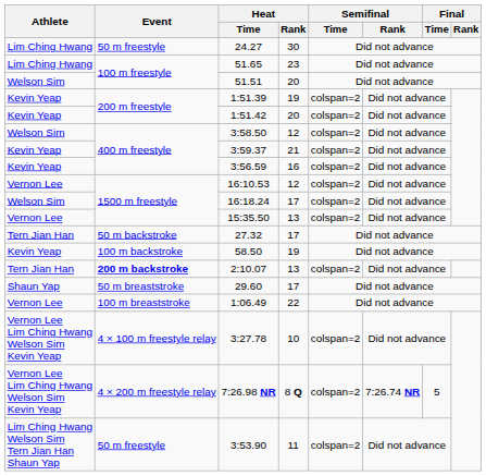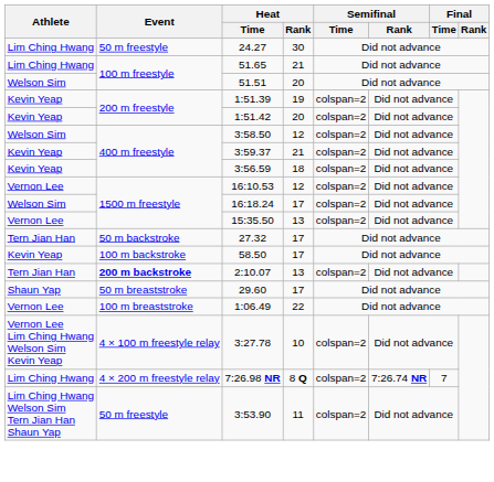 <table class=wikitable style=font-size:90%>
 <tr>
 <th rowspan=2>Athlete</th>
 <th rowspan=2>Event</th>
 <th colspan=2>Heat</th>
 <th colspan=2>Semifinal</th>
 <th colspan=2>Final</th>
 </tr>
 <tr style=font-size:95%>
 <th>Time</th>
 <th>Rank</th>
 <th>Time</th>
 <th>Rank</th>
 <th>Time</th>
 <th>Rank</th>
 </tr>
 <tr align=center>
 <td align=left><a href='#'>Lim Ching Hwang</a></td>
 <td align=left><a href='#'>50 m freestyle</a></td>
 <td>24.27</td>
 <td>30</td>
 <td colspan=4>Did not advance</td>
 </tr>
 <tr align=center>
 <td align=left><a href='#'>Lim Ching Hwang</a></td>
 <td align=left rowspan=2><a href='#'>100 m freestyle</a></td>
 <td>51.65</td>
-<td>23</td>
+<td>21</td>
 <td colspan=4>Did not advance</td>
 </tr>
 <tr align=center>
 <td align=left><a href='#'>Welson Sim</a></td>
 <td>51.51</td>
 <td>20</td>
 <td colspan=4>Did not advance</td>
 </tr>
 <tr align=center>
 <td align=left><a href='#'>Kevin Yeap</a></td>
 <td align=left rowspan=2><a href='#'>200 m freestyle</a></td>
 <td>1:51.39</td>
 <td>19</td>
 <td>colspan=2 </td>
 <td colspan=2>Did not advance</td>
 </tr>
 <tr align=center>
 <td align=left><a href='#'>Kevin Yeap</a></td>
 <td>1:51.42</td>
 <td>20</td>
 <td>colspan=2 </td>
 <td colspan=2>Did not advance</td>
 </tr>
 <tr align=center>
 <td align=left><a href='#'>Welson Sim</a></td>
 <td align=left rowspan=3><a href='#'>400 m freestyle</a></td>
 <td>3:58.50</td>
 <td>12</td>
 <td>colspan=2 </td>
 <td colspan=2>Did not advance</td>
 </tr>
 <tr align=center>
 <td align=left><a href='#'>Kevin Yeap</a></td>
 <td>3:59.37</td>
 <td>21</td>
 <td>colspan=2 </td>
 <td colspan=2>Did not advance</td>
 </tr>
 <tr align=center>
 <td align=left><a href='#'>Kevin Yeap</a></td>
 <td>3:56.59</td>
-<td>16</td>
+<td>18</td>
 <td>colspan=2 </td>
 <td colspan=2>Did not advance</td>
 </tr>
 <tr align=center>
 <td align=left><a href='#'>Vernon Lee</a></td>
 <td align=left rowspan=3><a href='#'>1500 m freestyle</a></td>
 <td>16:10.53</td>
 <td>12</td>
 <td>colspan=2 </td>
 <td colspan=2>Did not advance</td>
 </tr>
 <tr align=center>
 <td align=left><a href='#'>Welson Sim</a></td>
 <td>16:18.24</td>
 <td>17</td>
 <td>colspan=2 </td>
 <td colspan=2>Did not advance</td>
 </tr>
 <tr align=center>
 <td align=left><a href='#'>Vernon Lee</a></td>
 <td>15:35.50</td>
 <td>13</td>
 <td>colspan=2 </td>
 <td colspan=2>Did not advance</td>
 </tr>
 <tr align=center>
 <td align=left><a href='#'>Tern Jian Han</a></td>
 <td align=left><a href='#'>50 m backstroke</a></td>
 <td>27.32</td>
 <td>17</td>
 <td colspan=4>Did not advance</td>
 </tr>
 <tr align=center>
 <td align=left><a href='#'>Kevin Yeap</a></td>
 <td align=left><a href='#'>100 m backstroke</a></td>
 <td>58.50</td>
-<td>19</td>
+<td>17</td>
 <td colspan=4>Did not advance</td>
 </tr>
 <tr align=center>
 <td align=left><a href='#'>Tern Jian Han</a></td>
 <td align=left><strong><a href='#'>200 m backstroke</a></strong></td>
 <td>2:10.07</td>
 <td>13</td>
 <td>colspan=2 </td>
 <td colspan=2>Did not advance</td>
 </tr>
 <tr align=center>
 <td align=left><a href='#'>Shaun Yap</a></td>
 <td align=left><a href='#'>50 m breaststroke</a></td>
 <td>29.60</td>
 <td>17</td>
 <td colspan=4>Did not advance</td>
 </tr>
 <tr align=center>
 <td align=left><a href='#'>Vernon Lee</a></td>
 <td align=left><a href='#'>100 m breaststroke</a></td>
 <td>1:06.49</td>
 <td>22</td>
 <td colspan=4>Did not advance</td>
 </tr>
 <tr align=center>
 <td align=left><a href='#'>Vernon Lee</a><br><a href='#'>Lim Ching Hwang</a><br><a href='#'>Welson Sim</a><br><a href='#'>Kevin Yeap</a></td>
 <td align=left><a href='#'>4 × 100 m freestyle relay</a></td>
 <td>3:27.78</td>
 <td>10</td>
 <td>colspan=2 </td>
 <td colspan=2>Did not advance</td>
 </tr>
 <tr align=center>
-<td align=left><a href='#'>Vernon Lee</a><br><a href='#'>Lim Ching Hwang</a><br><a href='#'>Welson Sim</a><br><a href='#'>Kevin Yeap</a></td>
+<td align=left><a href='#'>Lim Ching Hwang</a></td>
 <td align=left><a href='#'>4 × 200 m freestyle relay</a></td>
 <td>7:26.98 <strong><a href='#'>NR</a></strong></td>
 <td>8 <strong>Q</strong></td>
 <td>colspan=2 </td>
 <td>7:26.74 <strong><a href='#'>NR</a></strong></td>
-<td>5</td>
+<td>7</td>
 </tr>
 <tr align=center>
 <td align=left><a href='#'>Lim Ching Hwang</a><br><a href='#'>Welson Sim</a><br><a href='#'>Tern Jian Han</a><br><a href='#'>Shaun Yap</a></td>
 <td align=left><a href='#'>50 m freestyle</a></td>
 <td>3:53.90</td>
 <td>11</td>
 <td>colspan=2 </td>
 <td colspan=2>Did not advance</td>
 </tr>
 </table>
